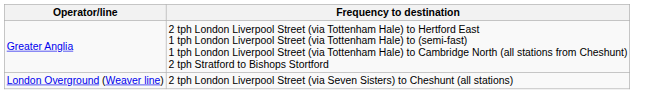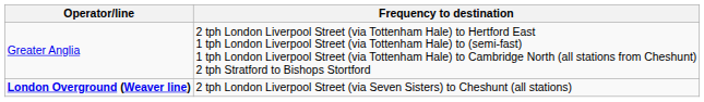 <table class="wikitable">
 <tr>
 <th>Operator/line</th>
 <th>Frequency to destination</th>
 </tr>
 <tr>
 <td><a href='#'>Greater Anglia</a></td>
 <td>2 tph London Liverpool Street (via Tottenham Hale) to Hertford East <br> 1 tph London Liverpool Street (via Tottenham Hale) to  (semi-fast) <br> 1 tph London Liverpool Street (via Tottenham Hale) to Cambridge North (all stations from Cheshunt) <br> 2 tph Stratford to Bishops Stortford<br></td>
 </tr>
 <tr>
-<td><a href='#'>London Overground</a> (<a href='#'>Weaver line</a>)</td>
+<td><strong><a href='#'>London Overground</a> (<a href='#'>Weaver line</a>)</strong></td>
 <td>2 tph London Liverpool Street (via Seven Sisters) to Cheshunt (all stations) <br></td>
 </tr>
 </table>
